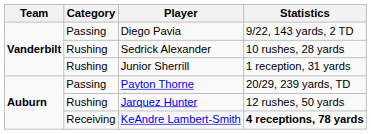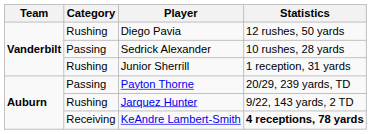 <table class="wikitable" style="float: right;">
 <tr>
 <th>Team</th>
 <th>Category</th>
 <th>Player</th>
 <th>Statistics</th>
 </tr>
 <tr>
 <td rowspan=3><strong>Vanderbilt</strong></td>
-<td>Passing</td>
+<td>Rushing</td>
 <td>Diego Pavia</td>
-<td>9/22, 143 yards, 2 TD</td>
+<td>12 rushes, 50 yards</td>
 </tr>
 <tr>
-<td>Rushing</td>
+<td>Passing</td>
 <td>Sedrick Alexander</td>
 <td>10 rushes, 28 yards</td>
 </tr>
 <tr>
 <td>Rushing</td>
 <td>Junior Sherrill</td>
 <td>1 reception, 31 yards</td>
 </tr>
 <tr>
 <td rowspan=3><strong>Auburn</strong></td>
 <td>Passing</td>
 <td><a href='#'>Payton Thorne</a></td>
 <td>20/29, 239 yards, TD</td>
 </tr>
 <tr>
 <td>Rushing</td>
 <td><a href='#'>Jarquez Hunter</a></td>
-<td>12 rushes, 50 yards</td>
+<td>9/22, 143 yards, 2 TD</td>
 </tr>
 <tr>
 <td>Receiving</td>
 <td><a href='#'>KeAndre Lambert-Smith</a></td>
 <td><strong>4 receptions, 78 yards</strong></td>
 </tr>
 </table>
